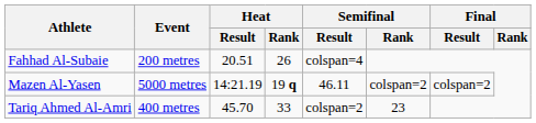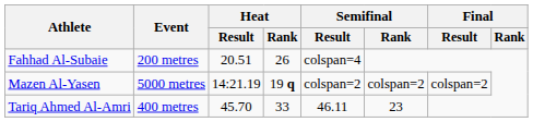 <table class="wikitable" style="font-size:90%">
 <tr>
 <th rowspan="2">Athlete</th>
 <th rowspan="2">Event</th>
 <th colspan="2">Heat</th>
 <th colspan="2">Semifinal</th>
 <th colspan="2">Final</th>
 </tr>
 <tr style="font-size:95%">
 <th>Result</th>
 <th>Rank</th>
 <th>Result</th>
 <th>Rank</th>
 <th>Result</th>
 <th>Rank</th>
 </tr>
 <tr style=text-align:center>
 <td style=text-align:left><a href='#'>Fahhad Al-Subaie</a></td>
 <td style=text-align:left><a href='#'>200 metres</a></td>
 <td>20.51</td>
 <td>26</td>
 <td>colspan=4</td>
 </tr>
 <tr style=text-align:center>
 <td style=text-align:left><a href='#'>Mazen Al-Yasen</a></td>
 <td style=text-align:left><a href='#'>5000 metres</a></td>
 <td>14:21.19</td>
 <td>19 <strong>q</strong></td>
-<td>46.11</td>
+<td>colspan=2</td>
 <td>colspan=2</td>
 <td>colspan=2</td>
 </tr>
 <tr style=text-align:center>
 <td style=text-align:left><a href='#'>Tariq Ahmed Al-Amri</a></td>
 <td style=text-align:left><a href='#'>400 metres</a></td>
 <td>45.70</td>
 <td>33</td>
-<td>colspan=2</td>
+<td>46.11</td>
 <td>23</td>
 </tr>
 </table>
